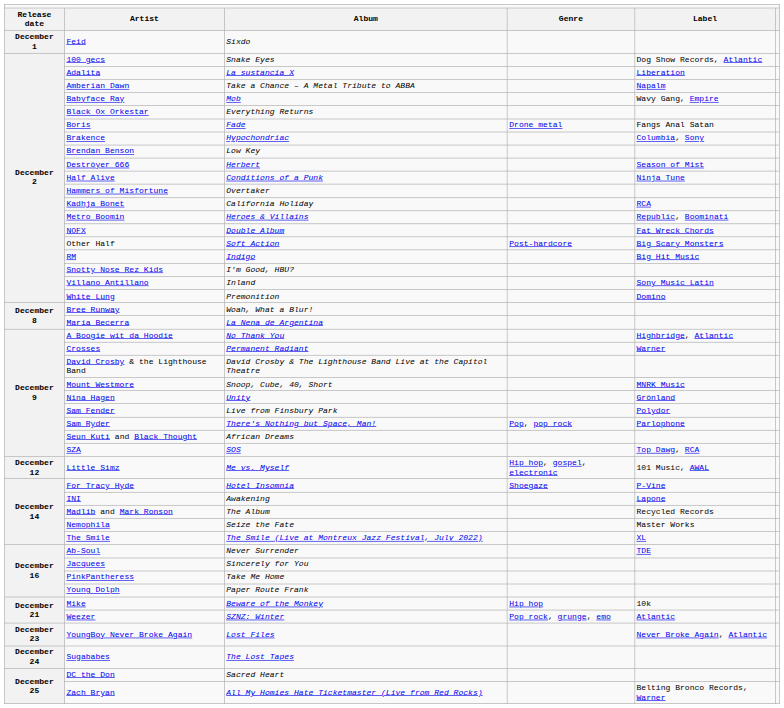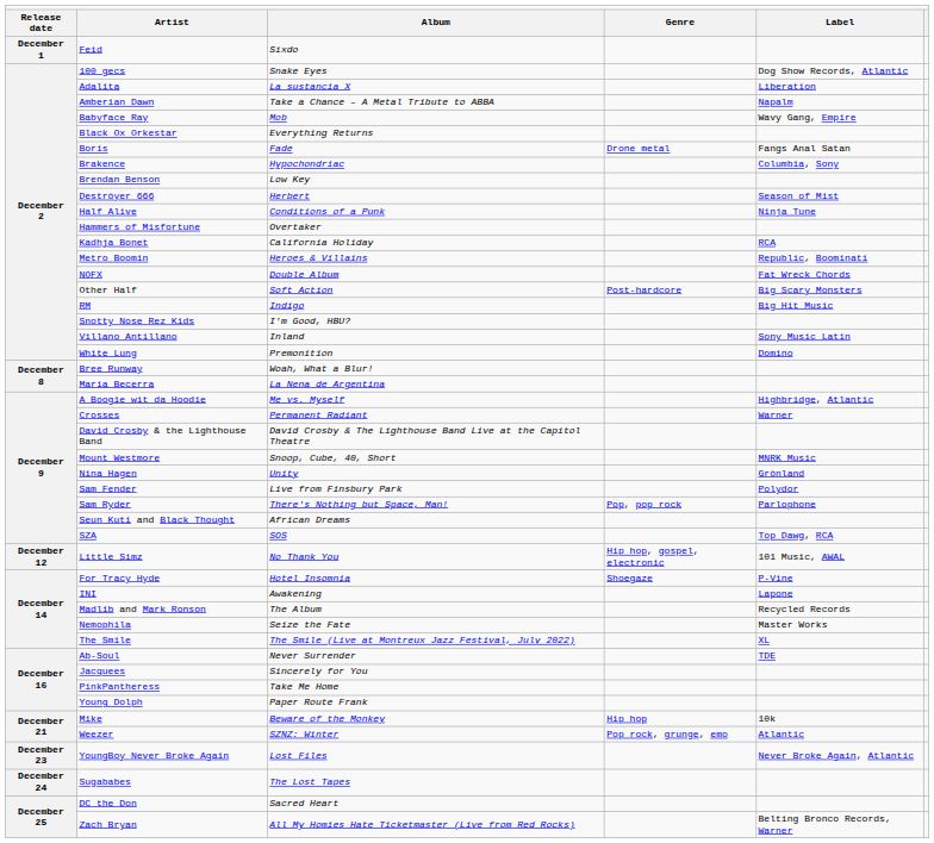 <table class="wikitable plainrowheaders">
 <tr>
 <td colspan="6" style="text-align:center;"></td>
 </tr>
 <tr>
 <th scope="col">Release date</th>
 <th scope="col">Artist</th>
 <th scope="col">Album</th>
 <th scope="col">Genre</th>
 <th scope="col">Label</th>
 <th scope="col"></th>
 </tr>
 <tr>
 <th scope="row" style="text-align:center;">December<br>1</th>
 <td><a href='#'>Feid</a></td>
 <td><em>Sixdo</em></td>
 <td></td>
 <td></td>
 <td></td>
 </tr>
 <tr>
 <th scope="row" rowspan="19" style="text-align:center;">December<br>2</th>
 <td><a href='#'>100 gecs</a></td>
 <td><em>Snake Eyes</em></td>
 <td></td>
 <td>Dog Show Records, <a href='#'>Atlantic</a></td>
 <td></td>
 </tr>
 <tr>
 <td><a href='#'>Adalita</a></td>
 <td><em><a href='#'>La sustancia X</a></em></td>
 <td></td>
 <td><a href='#'>Liberation</a></td>
 <td></td>
 </tr>
 <tr>
 <td><a href='#'>Amberian Dawn</a></td>
 <td><em>Take a Chance – A Metal Tribute to ABBA</em></td>
 <td></td>
 <td><a href='#'>Napalm</a></td>
 <td></td>
 </tr>
 <tr>
 <td><a href='#'>Babyface Ray</a></td>
 <td><em><a href='#'>Mob</a></em></td>
 <td></td>
 <td>Wavy Gang, <a href='#'>Empire</a></td>
 <td></td>
 </tr>
 <tr>
 <td><a href='#'>Black Ox Orkestar</a></td>
 <td><em>Everything Returns</em></td>
 <td></td>
 <td></td>
 <td></td>
 </tr>
 <tr>
 <td><a href='#'>Boris</a></td>
 <td><em><a href='#'>Fade</a></em></td>
 <td><a href='#'>Drone metal</a></td>
 <td>Fangs Anal Satan</td>
 <td></td>
 </tr>
 <tr>
 <td><a href='#'>Brakence</a></td>
 <td><em><a href='#'>Hypochondriac</a></em></td>
 <td></td>
 <td><a href='#'>Columbia</a>, <a href='#'>Sony</a></td>
 <td></td>
 </tr>
 <tr>
 <td><a href='#'>Brendan Benson</a></td>
 <td><em>Low Key</em></td>
 <td></td>
 <td></td>
 <td></td>
 </tr>
 <tr>
 <td><a href='#'>Deströyer 666</a></td>
 <td><em><a href='#'>Herbert</a></em></td>
 <td></td>
 <td><a href='#'>Season of Mist</a></td>
 <td></td>
 </tr>
 <tr>
 <td><a href='#'>Half Alive</a></td>
 <td><em><a href='#'>Conditions of a Punk</a></em></td>
 <td></td>
 <td><a href='#'>Ninja Tune</a></td>
 <td></td>
 </tr>
 <tr>
 <td><a href='#'>Hammers of Misfortune</a></td>
 <td><em>Overtaker</em></td>
 <td></td>
 <td></td>
 <td></td>
 </tr>
 <tr>
 <td><a href='#'>Kadhja Bonet</a></td>
 <td><em>California Holiday</em></td>
 <td></td>
 <td><a href='#'>RCA</a></td>
 <td></td>
 </tr>
 <tr>
 <td><a href='#'>Metro Boomin</a></td>
 <td><em><a href='#'>Heroes & Villains</a></em></td>
 <td></td>
 <td><a href='#'>Republic</a>, <a href='#'>Boominati</a></td>
 <td></td>
 </tr>
 <tr>
 <td><a href='#'>NOFX</a></td>
 <td><em><a href='#'>Double Album</a></em></td>
 <td></td>
 <td><a href='#'>Fat Wreck Chords</a></td>
 <td></td>
 </tr>
 <tr>
 <td>Other Half</td>
 <td><em><a href='#'>Soft Action</a></em></td>
 <td><a href='#'>Post-hardcore</a></td>
 <td><a href='#'>Big Scary Monsters</a></td>
 <td></td>
 </tr>
 <tr>
 <td><a href='#'>RM</a></td>
 <td><em><a href='#'>Indigo</a></em></td>
 <td></td>
 <td><a href='#'>Big Hit Music</a></td>
 <td></td>
 </tr>
 <tr>
 <td><a href='#'>Snotty Nose Rez Kids</a></td>
 <td><em>I'm Good, HBU?</em></td>
 <td></td>
 <td></td>
 <td></td>
 </tr>
 <tr>
 <td><a href='#'>Villano Antillano</a></td>
 <td><em>Inland</em></td>
 <td></td>
 <td><a href='#'>Sony Music Latin</a></td>
 <td></td>
 </tr>
 <tr>
 <td><a href='#'>White Lung</a></td>
 <td><em>Premonition</em></td>
 <td></td>
 <td><a href='#'>Domino</a></td>
 <td></td>
 </tr>
 <tr>
 <th scope="row" rowspan="2" style="text-align:center;">December<br>8</th>
 <td><a href='#'>Bree Runway</a></td>
 <td><em>Woah, What a Blur!</em></td>
 <td></td>
 <td></td>
 <td></td>
 </tr>
 <tr>
 <td><a href='#'>María Becerra</a></td>
 <td><em><a href='#'>La Nena de Argentina</a></em></td>
 <td></td>
 <td></td>
 <td></td>
 </tr>
 <tr>
 <th scope="row" rowspan="9" style="text-align:center;">December<br>9</th>
 <td><a href='#'>A Boogie wit da Hoodie</a></td>
-<td><em><a href='#'>No Thank You</a></em></td>
+<td><em><a href='#'>Me vs. Myself</a></em></td>
 <td></td>
 <td><a href='#'>Highbridge</a>, <a href='#'>Atlantic</a></td>
 <td></td>
 </tr>
 <tr>
 <td><a href='#'>Crosses</a></td>
 <td><em><a href='#'>Permanent Radiant</a></em></td>
 <td></td>
 <td><a href='#'>Warner</a></td>
 <td></td>
 </tr>
 <tr>
 <td><a href='#'>David Crosby</a> & the Lighthouse Band</td>
 <td><em>David Crosby & The Lighthouse Band Live at the Capitol Theatre</em></td>
 <td></td>
 <td></td>
 <td></td>
 </tr>
 <tr>
 <td><a href='#'>Mount Westmore</a></td>
 <td><em>Snoop, Cube, 40, Short</em></td>
 <td></td>
 <td><a href='#'>MNRK Music</a></td>
 <td></td>
 </tr>
 <tr>
 <td><a href='#'>Nina Hagen</a></td>
 <td><em><a href='#'>Unity</a></em></td>
 <td></td>
 <td><a href='#'>Grönland</a></td>
 <td></td>
 </tr>
 <tr>
 <td><a href='#'>Sam Fender</a></td>
 <td><em>Live from Finsbury Park</em></td>
 <td></td>
 <td><a href='#'>Polydor</a></td>
 <td></td>
 </tr>
 <tr>
 <td><a href='#'>Sam Ryder</a></td>
 <td><em><a href='#'>There's Nothing but Space, Man!</a></em></td>
 <td><a href='#'>Pop</a>, <a href='#'>pop rock</a></td>
 <td><a href='#'>Parlophone</a></td>
 <td></td>
 </tr>
 <tr>
 <td><a href='#'>Seun Kuti</a> and <a href='#'>Black Thought</a></td>
 <td><em>African Dreams</em></td>
 <td></td>
 <td></td>
 <td></td>
 </tr>
 <tr>
 <td><a href='#'>SZA</a></td>
 <td><em><a href='#'>SOS</a></em></td>
 <td></td>
 <td><a href='#'>Top Dawg</a>, <a href='#'>RCA</a></td>
 <td></td>
 </tr>
 <tr>
 <th scope="row" style="text-align:center;">December<br>12</th>
 <td><a href='#'>Little Simz</a></td>
-<td><em><a href='#'>Me vs. Myself</a></em></td>
+<td><em><a href='#'>No Thank You</a></em></td>
 <td><a href='#'>Hip hop</a>, <a href='#'>gospel</a>, <a href='#'>electronic</a></td>
 <td>101 Music, <a href='#'>AWAL</a></td>
 <td></td>
 </tr>
 <tr>
 <th scope="row" rowspan="5" style="text-align:center;">December<br>14</th>
 <td><a href='#'>For Tracy Hyde</a></td>
 <td><em><a href='#'>Hotel Insomnia</a></em></td>
 <td><a href='#'>Shoegaze</a></td>
 <td><a href='#'>P-Vine</a></td>
 <td></td>
 </tr>
 <tr>
 <td>‌<a href='#'>INI</a></td>
 <td><em>Awakening</em></td>
 <td>‌‌</td>
 <td><a href='#'>Lapone</a></td>
 <td></td>
 </tr>
 <tr>
 <td><a href='#'>Madlib</a> and <a href='#'>Mark Ronson</a></td>
 <td><em>The Album</em></td>
 <td></td>
 <td>Recycled Records</td>
 <td></td>
 </tr>
 <tr>
 <td><a href='#'>Nemophila</a></td>
 <td><em>Seize the Fate</em></td>
 <td></td>
 <td>Master Works</td>
 <td></td>
 </tr>
 <tr>
 <td><a href='#'>The Smile</a></td>
 <td><em><a href='#'>The Smile (Live at Montreux Jazz Festival, July 2022)</a></em></td>
 <td></td>
 <td><a href='#'>XL</a></td>
 <td></td>
 </tr>
 <tr>
 <th scope="row" rowspan="4" style="text-align:center;">December<br>16</th>
 <td><a href='#'>Ab-Soul</a></td>
 <td><em>Never Surrender</em></td>
 <td></td>
 <td><a href='#'>TDE</a></td>
 <td></td>
 </tr>
 <tr>
 <td><a href='#'>Jacquees</a></td>
 <td><em>Sincerely for You</em></td>
 <td></td>
 <td></td>
 <td></td>
 </tr>
 <tr>
 <td><a href='#'>PinkPantheress</a></td>
 <td><em>Take Me Home</em></td>
 <td></td>
 <td></td>
 <td></td>
 </tr>
 <tr>
 <td><a href='#'>Young Dolph</a></td>
 <td><em>Paper Route Frank</em></td>
 <td></td>
 <td></td>
 <td></td>
 </tr>
 <tr>
 <th scope="row" rowspan="2" style="text-align:center;">December<br>21</th>
 <td><a href='#'>Mike</a></td>
 <td><em><a href='#'>Beware of the Monkey</a></em></td>
 <td><a href='#'>Hip hop</a></td>
 <td>10k</td>
 <td></td>
 </tr>
 <tr>
 <td><a href='#'>Weezer</a></td>
 <td><em><a href='#'>SZNZ: Winter</a></em></td>
 <td><a href='#'>Pop rock</a>, <a href='#'>grunge</a>, <a href='#'>emo</a></td>
 <td><a href='#'>Atlantic</a></td>
 <td></td>
 </tr>
 <tr>
 <th scope="row" style="text-align:center;">December<br>23</th>
 <td><a href='#'>YoungBoy Never Broke Again</a></td>
 <td><em><a href='#'>Lost Files</a></em></td>
 <td></td>
 <td><a href='#'>Never Broke Again</a>, <a href='#'>Atlantic</a></td>
 <td></td>
 </tr>
 <tr>
 <th scope="row" style="text-align:center;">December<br>24</th>
 <td><a href='#'>Sugababes</a></td>
 <td><em><a href='#'>The Lost Tapes</a></em></td>
 <td></td>
 <td></td>
 <td></td>
 </tr>
 <tr>
 <th scope="row" rowspan="2" style="text-align:center;">December<br>25</th>
 <td><a href='#'>DC the Don</a></td>
 <td><em>Sacred Heart</em></td>
 <td></td>
 <td></td>
 <td></td>
 </tr>
 <tr>
 <td><a href='#'>Zach Bryan</a></td>
 <td><em><a href='#'>All My Homies Hate Ticketmaster (Live from Red Rocks)</a></em></td>
 <td></td>
 <td>Belting Bronco Records, <a href='#'>Warner</a></td>
 <td></td>
 </tr>
 </table>
